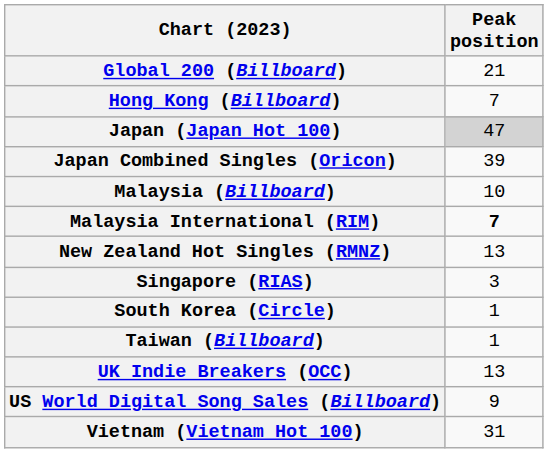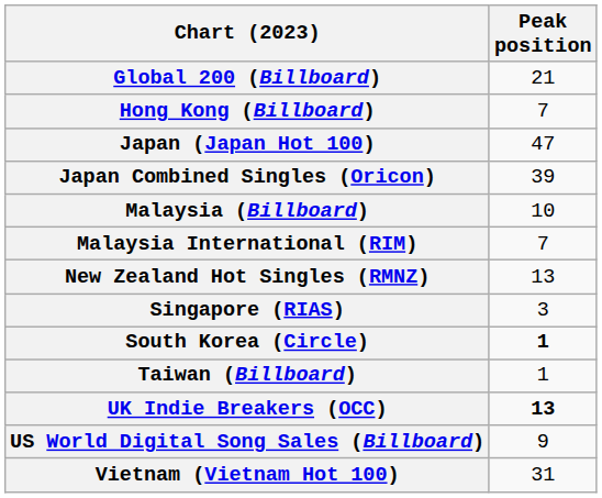 <table class="wikitable sortable plainrowheaders" style="text-align:center">
 <tr>
 <th scope="col">Chart (2023)</th>
 <th scope="col">Peak<br>position</th>
 </tr>
 <tr>
 <th scope="row"><a href='#'>Global 200</a> (<em><a href='#'>Billboard</a></em>)</th>
 <td>21</td>
 </tr>
 <tr>
 <th scope="row"><a href='#'>Hong Kong</a> (<em><a href='#'>Billboard</a></em>)</th>
 <td>7</td>
 </tr>
 <tr>
 <th scope="row">Japan (<a href='#'>Japan Hot 100</a>)</th>
-<td style="background: lightgrey;">47</td>
+<td>47</td>
 </tr>
 <tr>
 <th scope="row">Japan Combined Singles (<a href='#'>Oricon</a>)</th>
 <td>39</td>
 </tr>
 <tr>
 <th scope="row">Malaysia (<em><a href='#'>Billboard</a></em>)</th>
 <td>10</td>
 </tr>
 <tr>
 <th scope="row">Malaysia International (<a href='#'>RIM</a>)</th>
-<td><strong>7</strong></td>
+<td>7</td>
 </tr>
 <tr>
 <th scope="row">New Zealand Hot Singles (<a href='#'>RMNZ</a>)</th>
 <td>13</td>
 </tr>
 <tr>
 <th scope="row">Singapore (<a href='#'>RIAS</a>)</th>
 <td>3</td>
 </tr>
 <tr>
 <th scope="row">South Korea (<a href='#'>Circle</a>)</th>
-<td>1</td>
+<td><strong>1</strong></td>
 </tr>
 <tr>
 <th scope="row">Taiwan (<em><a href='#'>Billboard</a></em>)</th>
 <td>1</td>
 </tr>
 <tr>
 <th scope="row"><a href='#'>UK Indie Breakers</a> (<a href='#'>OCC</a>)</th>
-<td>13</td>
+<td><strong>13</strong></td>
 </tr>
 <tr>
 <th scope="row">US <a href='#'>World Digital Song Sales</a> (<em><a href='#'>Billboard</a></em>)</th>
 <td>9</td>
 </tr>
 <tr>
 <th scope="row">Vietnam (<a href='#'>Vietnam Hot 100</a>)</th>
 <td>31</td>
 </tr>
 </table>
